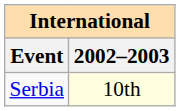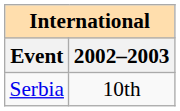 <table class="wikitable" style="text-align:center">
 <tr>
 <th style="background-color: #ffdead; " colspan=2 align=center>International</th>
 </tr>
 <tr>
 <th>Event</th>
 <th>2002–2003</th>
 </tr>
 <tr>
 <td align=left> <a href='#'>Serbia</a></td>
-<td style="background: lightyellow;">10th</td>
+<td>10th</td>
 </tr>
 </table>
